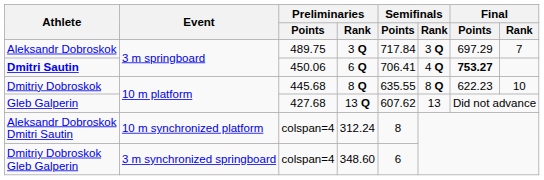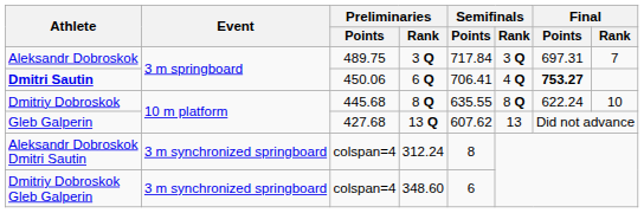 <table class=wikitable style="font-size:90%">
 <tr>
 <th rowspan="2">Athlete</th>
 <th rowspan="2">Event</th>
 <th colspan="2">Preliminaries</th>
 <th colspan="2">Semifinals</th>
 <th colspan="2">Final</th>
 </tr>
 <tr style="font-size:95%">
 <th>Points</th>
 <th>Rank</th>
 <th>Points</th>
 <th>Rank</th>
 <th>Points</th>
 <th>Rank</th>
 </tr>
 <tr align=center>
 <td align=left><a href='#'>Aleksandr Dobroskok</a></td>
 <td align=left rowspan=2><a href='#'>3 m springboard</a></td>
 <td>489.75</td>
 <td>3 <strong>Q</strong></td>
 <td>717.84</td>
 <td>3 <strong>Q</strong></td>
-<td>697.29</td>
+<td>697.31</td>
 <td>7</td>
 </tr>
 <tr align=center>
 <td align=left><strong><a href='#'>Dmitri Sautin</a></strong></td>
 <td>450.06</td>
 <td>6 <strong>Q</strong></td>
 <td>706.41</td>
 <td>4 <strong>Q</strong></td>
 <td><strong>753.27</strong></td>
 <td></td>
 </tr>
 <tr align=center>
 <td align=left><a href='#'>Dmitriy Dobroskok</a></td>
 <td align=left rowspan=2><a href='#'>10 m platform</a></td>
 <td>445.68</td>
 <td>8 <strong>Q</strong></td>
 <td>635.55</td>
 <td>8 <strong>Q</strong></td>
-<td>622.23</td>
+<td>622.24</td>
 <td>10</td>
 </tr>
 <tr align=center>
 <td align=left><a href='#'>Gleb Galperin</a></td>
 <td>427.68</td>
 <td>13 <strong>Q</strong></td>
 <td>607.62</td>
 <td>13</td>
 <td colspan=2>Did not advance</td>
 </tr>
 <tr align=center>
 <td align=left><a href='#'>Aleksandr Dobroskok</a><br><a href='#'>Dmitri Sautin</a></td>
-<td align=left><a href='#'>10 m synchronized platform</a></td>
+<td align=left><a href='#'>3 m synchronized springboard</a></td>
 <td>colspan=4 </td>
 <td>312.24</td>
 <td>8</td>
 </tr>
 <tr align=center>
 <td align=left><a href='#'>Dmitriy Dobroskok</a><br><a href='#'>Gleb Galperin</a></td>
 <td align=left><a href='#'>3 m synchronized springboard</a></td>
 <td>colspan=4 </td>
 <td>348.60</td>
 <td>6</td>
 </tr>
 </table>
